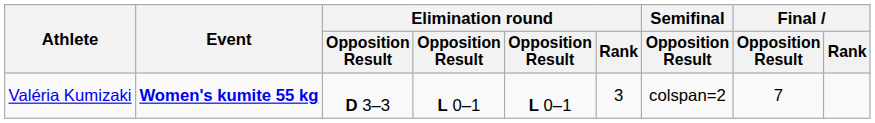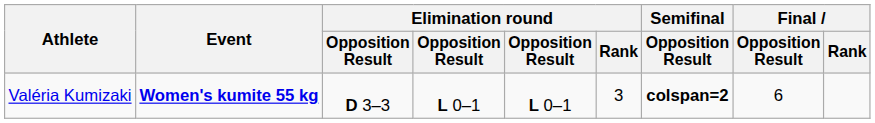 <table class=wikitable style=font-size:90%;text-align:center>
 <tr>
 <th rowspan=2>Athlete</th>
 <th rowspan=2>Event</th>
 <th colspan=4>Elimination round</th>
 <th>Semifinal</th>
 <th colspan=2>Final / </th>
 </tr>
 <tr style=font-size:95%>
 <th>Opposition<br>Result</th>
 <th>Opposition<br>Result</th>
 <th>Opposition<br>Result</th>
 <th>Rank</th>
 <th>Opposition<br>Result</th>
 <th>Opposition<br>Result</th>
 <th>Rank</th>
 </tr>
 <tr>
 <td align=left><a href='#'>Valéria Kumizaki</a></td>
 <td align=left><strong><a href='#'>Women's kumite 55 kg</a></strong></td>
 <td><br><strong>D</strong> 3–3</td>
 <td><br><strong>L</strong> 0–1</td>
 <td><br><strong>L</strong> 0–1</td>
 <td>3</td>
-<td>colspan=2 </td>
-<td>7</td>
+<td><strong>colspan=2 </strong></td>
+<td>6</td>
 </tr>
 </table>
